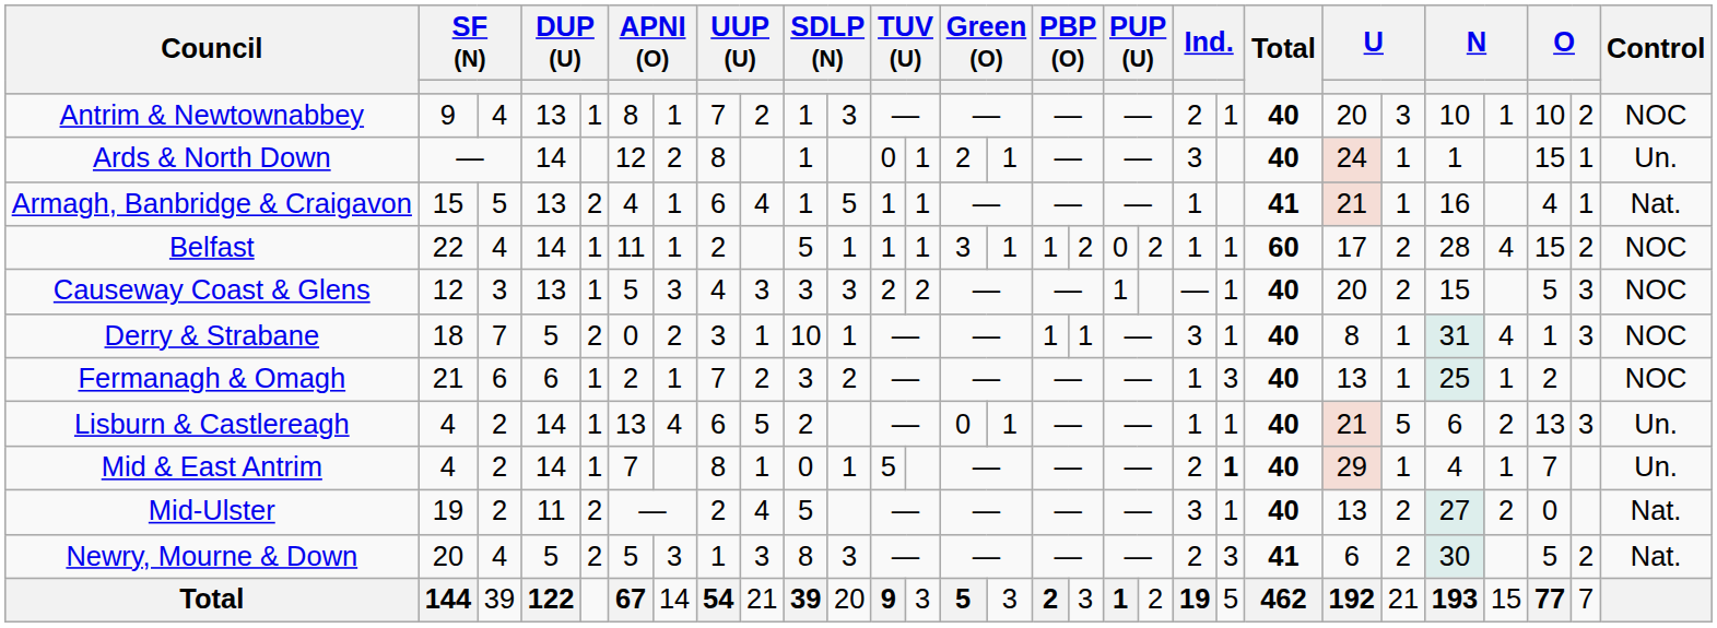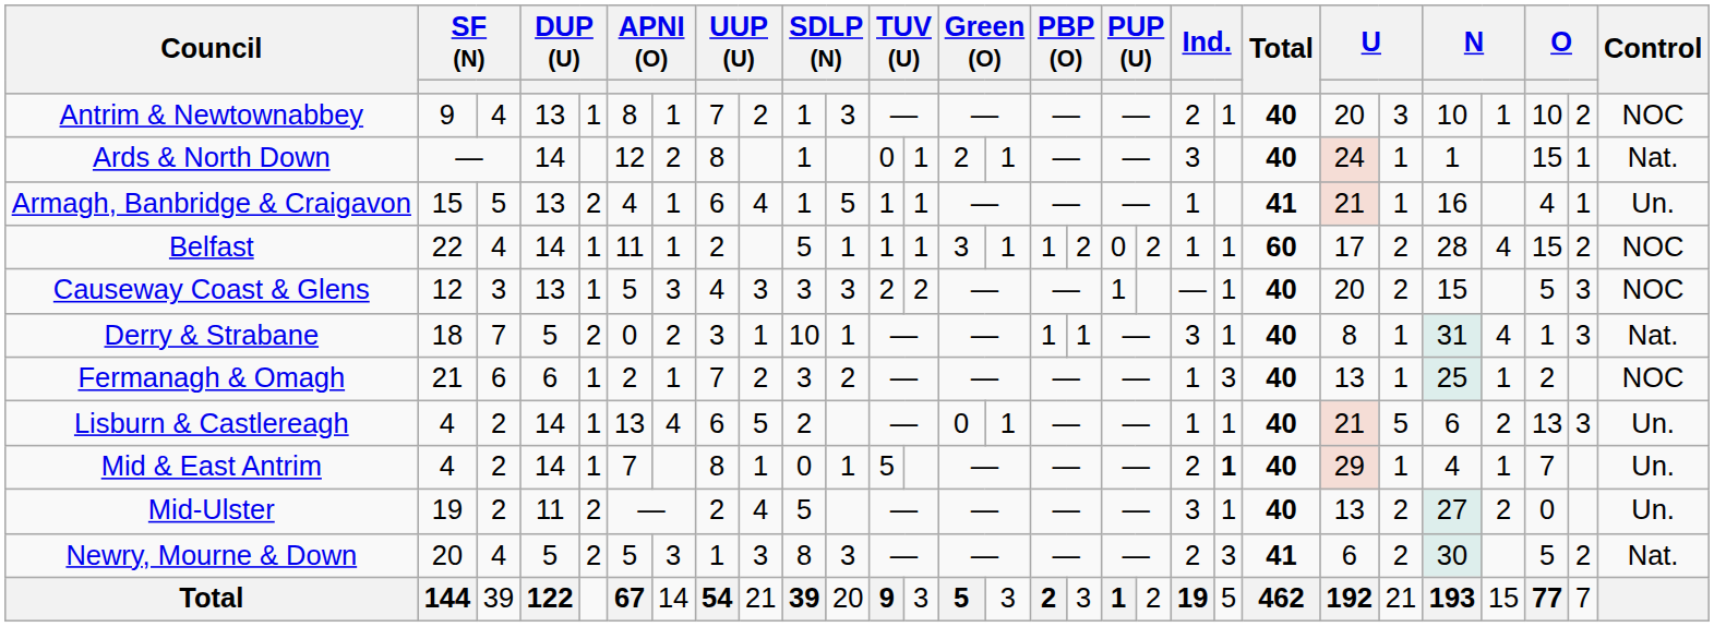 <table class="wikitable sortable" style="text-align:center">
 <tr>
 <th rowspan=2>Council</th>
 <th colspan=2><a href='#'>SF</a><br><small>(N)</small></th>
 <th colspan=2><a href='#'>DUP</a><br><small>(U)</small></th>
 <th colspan=2><a href='#'>APNI</a><br><small>(O)</small></th>
 <th colspan=2><a href='#'>UUP</a><br><small>(U)</small></th>
 <th colspan=2><a href='#'>SDLP</a><br><small>(N)</small></th>
 <th colspan=2><a href='#'>TUV</a><br><small>(U)</small></th>
 <th colspan=2><a href='#'>Green</a><br><small>(O)</small></th>
 <th colspan=2><a href='#'>PBP</a><br><small>(O)</small></th>
 <th colspan=2><a href='#'>PUP</a><br><small>(U)</small></th>
 <th colspan=2><a href='#'>Ind.</a></th>
 <th rowspan=2>Total</th>
 <th colspan=2><a href='#'>U</a></th>
 <th colspan=2><a href='#'>N</a></th>
 <th colspan=2><a href='#'>O</a></th>
 <th rowspan=2>Control</th>
 </tr>
 <tr>
 <th colspan=2 style="background:"></th>
 <th colspan=2 style="background:"></th>
 <th colspan=2 style="background:"></th>
 <th colspan=2 style="background:"></th>
 <th colspan=2 style="background:"></th>
 <th colspan=2 style="background:"></th>
 <th colspan=2 style="background:"></th>
 <th colspan=2 style="background:"></th>
 <th colspan=2 style="background:"></th>
 <th colspan=2 style="background:"></th>
 <th colspan=2 style="background:"></th>
 <th colspan=2 style="background:"></th>
 <th colspan=2 style="background:"></th>
 </tr>
 <tr>
 <td><a href='#'>Antrim & Newtownabbey</a></td>
 <td>9</td>
 <td>4</td>
 <td>13</td>
 <td>1</td>
 <td>8</td>
 <td>1</td>
 <td>7</td>
 <td>2</td>
 <td>1</td>
 <td>3</td>
 <td colspan=2>—</td>
 <td colspan=2>—</td>
 <td colspan=2>—</td>
 <td colspan=2>—</td>
 <td>2</td>
 <td>1</td>
 <td><strong>40</strong></td>
 <td>20</td>
 <td>3</td>
 <td>10</td>
 <td>1</td>
 <td>10</td>
 <td>2</td>
 <td>NOC</td>
 </tr>
 <tr>
 <td><a href='#'>Ards & North Down</a></td>
 <td colspan=2>—</td>
 <td>14</td>
 <td></td>
 <td>12</td>
 <td>2</td>
 <td>8</td>
 <td></td>
 <td>1</td>
 <td></td>
 <td>0</td>
 <td>1</td>
 <td>2</td>
 <td>1</td>
 <td colspan=2>—</td>
 <td colspan=2>—</td>
 <td>3</td>
 <td></td>
 <td><strong>40</strong></td>
 <td style="background:#F5DDD6">24</td>
 <td>1</td>
 <td>1</td>
 <td></td>
 <td>15</td>
 <td>1</td>
-<td style="background:">Un.</td>
+<td style="background:">Nat.</td>
 </tr>
 <tr>
 <td><a href='#'>Armagh, Banbridge & Craigavon</a></td>
 <td>15</td>
 <td>5</td>
 <td>13</td>
 <td>2</td>
 <td>4</td>
 <td>1</td>
 <td>6</td>
 <td>4</td>
 <td>1</td>
 <td>5</td>
 <td>1</td>
 <td>1</td>
 <td colspan=2>—</td>
 <td colspan=2>—</td>
 <td colspan=2>—</td>
 <td>1</td>
 <td></td>
 <td><strong>41</strong></td>
 <td style="background:#F5DDD6">21</td>
 <td>1</td>
 <td>16</td>
 <td></td>
 <td>4</td>
 <td>1</td>
-<td style="background:">Nat.</td>
+<td style="background:">Un.</td>
 </tr>
 <tr>
 <td><a href='#'>Belfast</a></td>
 <td>22</td>
 <td>4</td>
 <td>14</td>
 <td>1</td>
 <td>11</td>
 <td>1</td>
 <td>2</td>
 <td></td>
 <td>5</td>
 <td>1</td>
 <td>1</td>
 <td>1</td>
 <td>3</td>
 <td>1</td>
 <td>1</td>
 <td>2</td>
 <td>0</td>
 <td>2</td>
 <td>1</td>
 <td>1</td>
 <td><strong>60</strong></td>
 <td>17</td>
 <td>2</td>
 <td>28</td>
 <td>4</td>
 <td>15</td>
 <td>2</td>
 <td>NOC</td>
 </tr>
 <tr>
 <td><a href='#'>Causeway Coast & Glens</a></td>
 <td>12</td>
 <td>3</td>
 <td>13</td>
 <td>1</td>
 <td>5</td>
 <td>3</td>
 <td>4</td>
 <td>3</td>
 <td>3</td>
 <td>3</td>
 <td>2</td>
 <td>2</td>
 <td colspan=2>—</td>
 <td colspan=2>—</td>
 <td>1</td>
 <td></td>
 <td>—</td>
 <td>1</td>
 <td><strong>40</strong></td>
 <td>20</td>
 <td>2</td>
 <td>15</td>
 <td></td>
 <td>5</td>
 <td>3</td>
 <td>NOC</td>
 </tr>
 <tr>
 <td><a href='#'>Derry & Strabane</a></td>
 <td>18</td>
 <td>7</td>
 <td>5</td>
 <td>2</td>
 <td>0</td>
 <td>2</td>
 <td>3</td>
 <td>1</td>
 <td>10</td>
 <td>1</td>
 <td colspan=2>—</td>
 <td colspan=2>—</td>
 <td>1</td>
 <td>1</td>
 <td colspan=2>—</td>
 <td>3</td>
 <td>1</td>
 <td><strong>40</strong></td>
 <td>8</td>
 <td>1</td>
 <td style="background:#DDEEEC">31</td>
 <td>4</td>
 <td>1</td>
 <td>3</td>
-<td>NOC</td>
+<td style="background:">Nat.</td>
 </tr>
 <tr>
 <td><a href='#'>Fermanagh & Omagh</a></td>
 <td>21</td>
 <td>6</td>
 <td>6</td>
 <td>1</td>
 <td>2</td>
 <td>1</td>
 <td>7</td>
 <td>2</td>
 <td>3</td>
 <td>2</td>
 <td colspan=2>—</td>
 <td colspan=2>—</td>
 <td colspan=2>—</td>
 <td colspan=2>—</td>
 <td>1</td>
 <td>3</td>
 <td><strong>40</strong></td>
 <td>13</td>
 <td>1</td>
 <td style="background:#DDEEEC">25</td>
 <td>1</td>
 <td>2</td>
 <td></td>
 <td>NOC</td>
 </tr>
 <tr>
 <td><a href='#'>Lisburn & Castlereagh</a></td>
 <td>4</td>
 <td>2</td>
 <td>14</td>
 <td>1</td>
 <td>13</td>
 <td>4</td>
 <td>6</td>
 <td>5</td>
 <td>2</td>
 <td></td>
 <td colspan=2>—</td>
 <td>0</td>
 <td>1</td>
 <td colspan=2>—</td>
 <td colspan=2>—</td>
 <td>1</td>
 <td>1</td>
 <td><strong>40</strong></td>
 <td style="background:#F5DDD6">21</td>
 <td>5</td>
 <td>6</td>
 <td>2</td>
 <td>13</td>
 <td>3</td>
 <td style="background:">Un.</td>
 </tr>
 <tr>
 <td><a href='#'>Mid & East Antrim</a></td>
 <td>4</td>
 <td>2</td>
 <td>14</td>
 <td>1</td>
 <td>7</td>
 <td></td>
 <td>8</td>
 <td>1</td>
 <td>0</td>
 <td>1</td>
 <td>5</td>
 <td></td>
 <td colspan=2>—</td>
 <td colspan=2>—</td>
 <td colspan=2>—</td>
 <td>2</td>
 <td><strong>1</strong></td>
 <td><strong>40</strong></td>
 <td style="background:#F5DDD6">29</td>
 <td>1</td>
 <td>4</td>
 <td>1</td>
 <td>7</td>
 <td></td>
 <td style="background:">Un.</td>
 </tr>
 <tr>
 <td><a href='#'>Mid-Ulster</a></td>
 <td>19</td>
 <td>2</td>
 <td>11</td>
 <td>2</td>
 <td colspan=2>—</td>
 <td>2</td>
 <td>4</td>
 <td>5</td>
 <td></td>
 <td colspan=2>—</td>
 <td colspan=2>—</td>
 <td colspan=2>—</td>
 <td colspan=2>—</td>
 <td>3</td>
 <td>1</td>
 <td><strong>40</strong></td>
 <td>13</td>
 <td>2</td>
 <td style="background:#DDEEEC">27</td>
 <td>2</td>
 <td>0</td>
 <td></td>
-<td style="background:">Nat.</td>
+<td style="background:">Un.</td>
 </tr>
 <tr>
 <td><a href='#'>Newry, Mourne & Down</a></td>
 <td>20</td>
 <td>4</td>
 <td>5</td>
 <td>2</td>
 <td>5</td>
 <td>3</td>
 <td>1</td>
 <td>3</td>
 <td>8</td>
 <td>3</td>
 <td colspan=2>—</td>
 <td colspan=2>—</td>
 <td colspan=2>—</td>
 <td colspan=2>—</td>
 <td>2</td>
 <td>3</td>
 <td><strong>41</strong></td>
 <td>6</td>
 <td>2</td>
 <td style="background:#DDEEEC">30</td>
 <td></td>
 <td>5</td>
 <td>2</td>
 <td style="background:">Nat.</td>
 </tr>
 <tr>
 <th>Total</th>
 <th>144</th>
 <td>39</td>
 <th>122</th>
 <td></td>
 <th>67</th>
 <td>14</td>
 <th>54</th>
 <td>21</td>
 <th>39</th>
 <td>20</td>
 <th>9</th>
 <td>3</td>
 <th>5</th>
 <td>3</td>
 <th>2</th>
 <td>3</td>
 <th>1</th>
 <td>2</td>
 <th>19</th>
 <td>5</td>
 <th>462</th>
 <th>192</th>
 <td>21</td>
 <th>193</th>
 <td>15</td>
 <th>77</th>
 <td>7</td>
 <th></th>
 </tr>
 </table>
